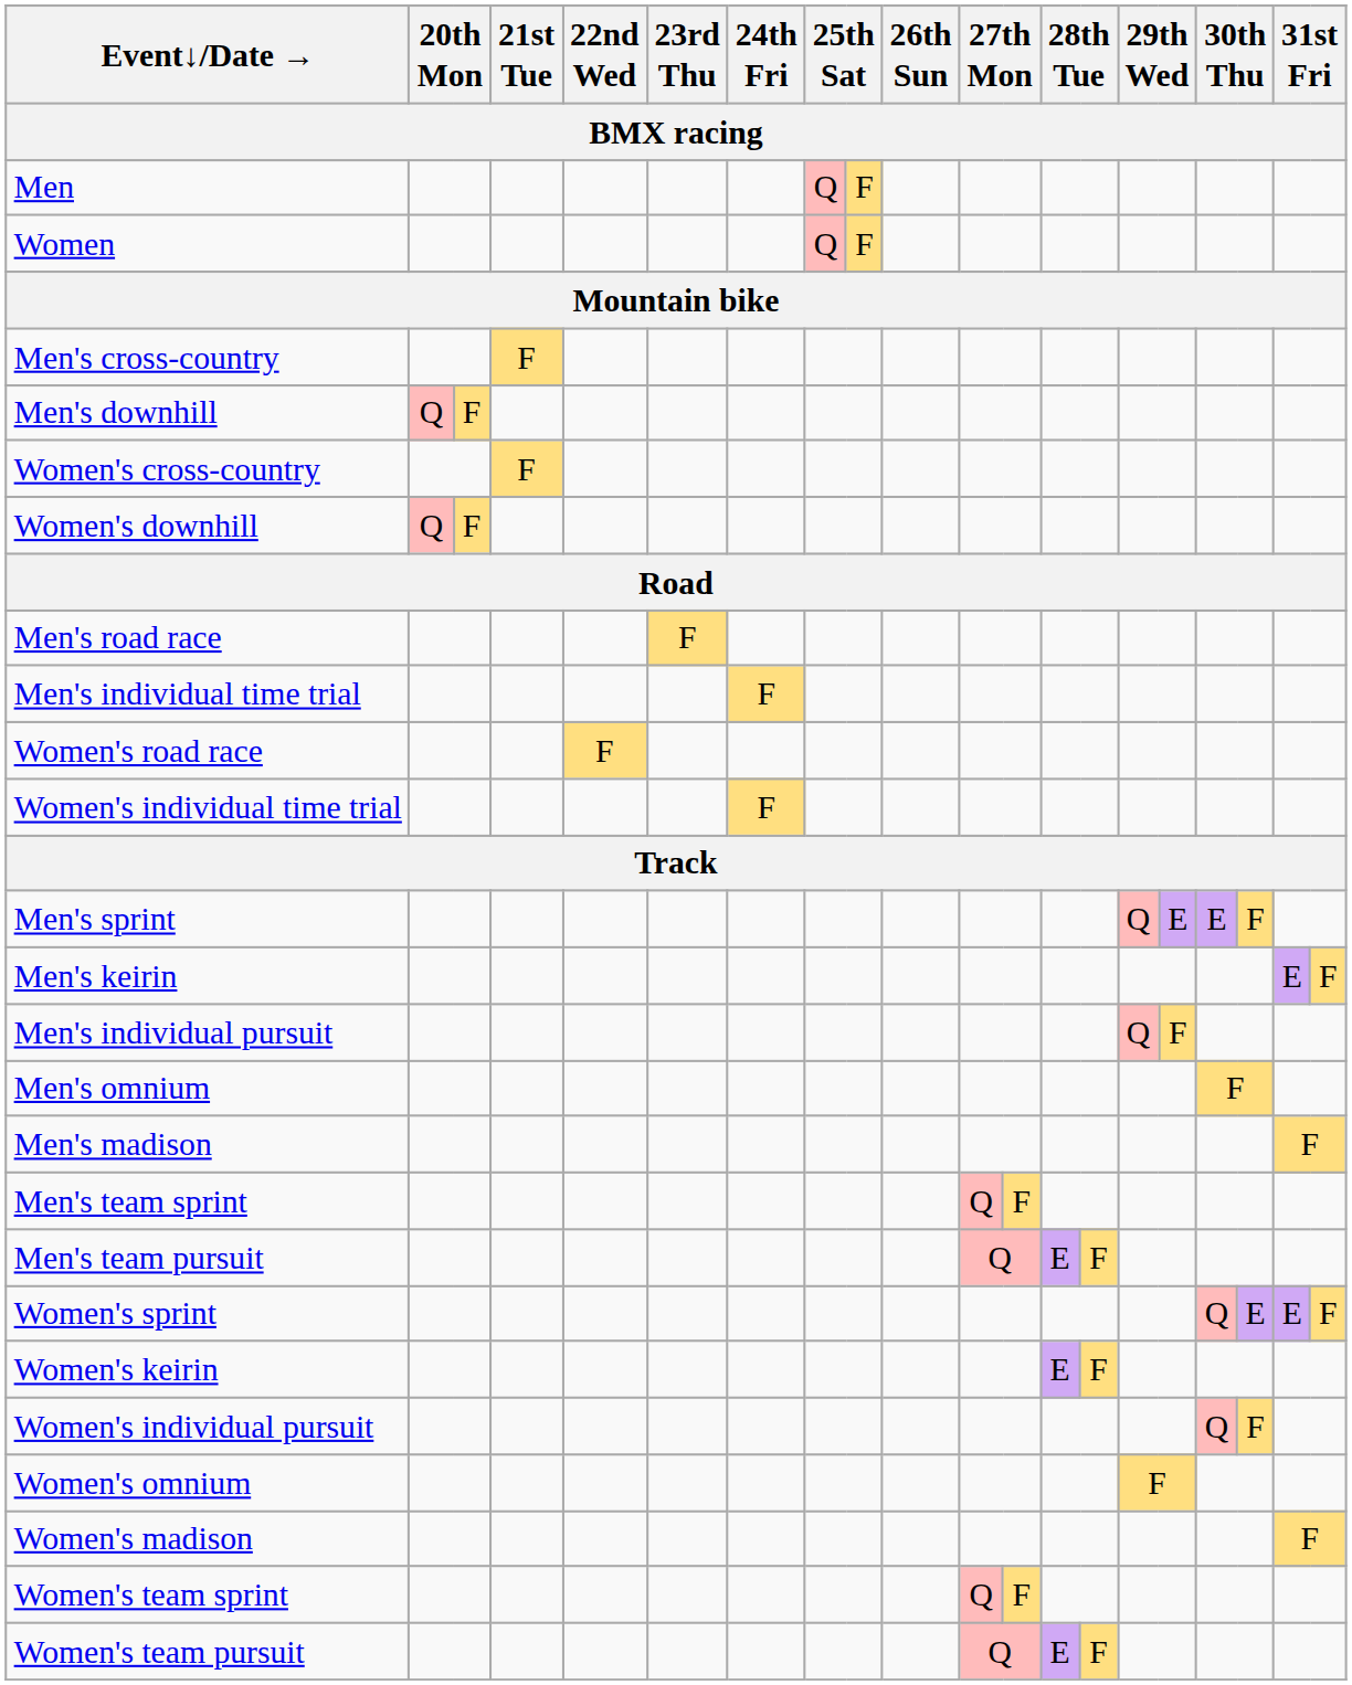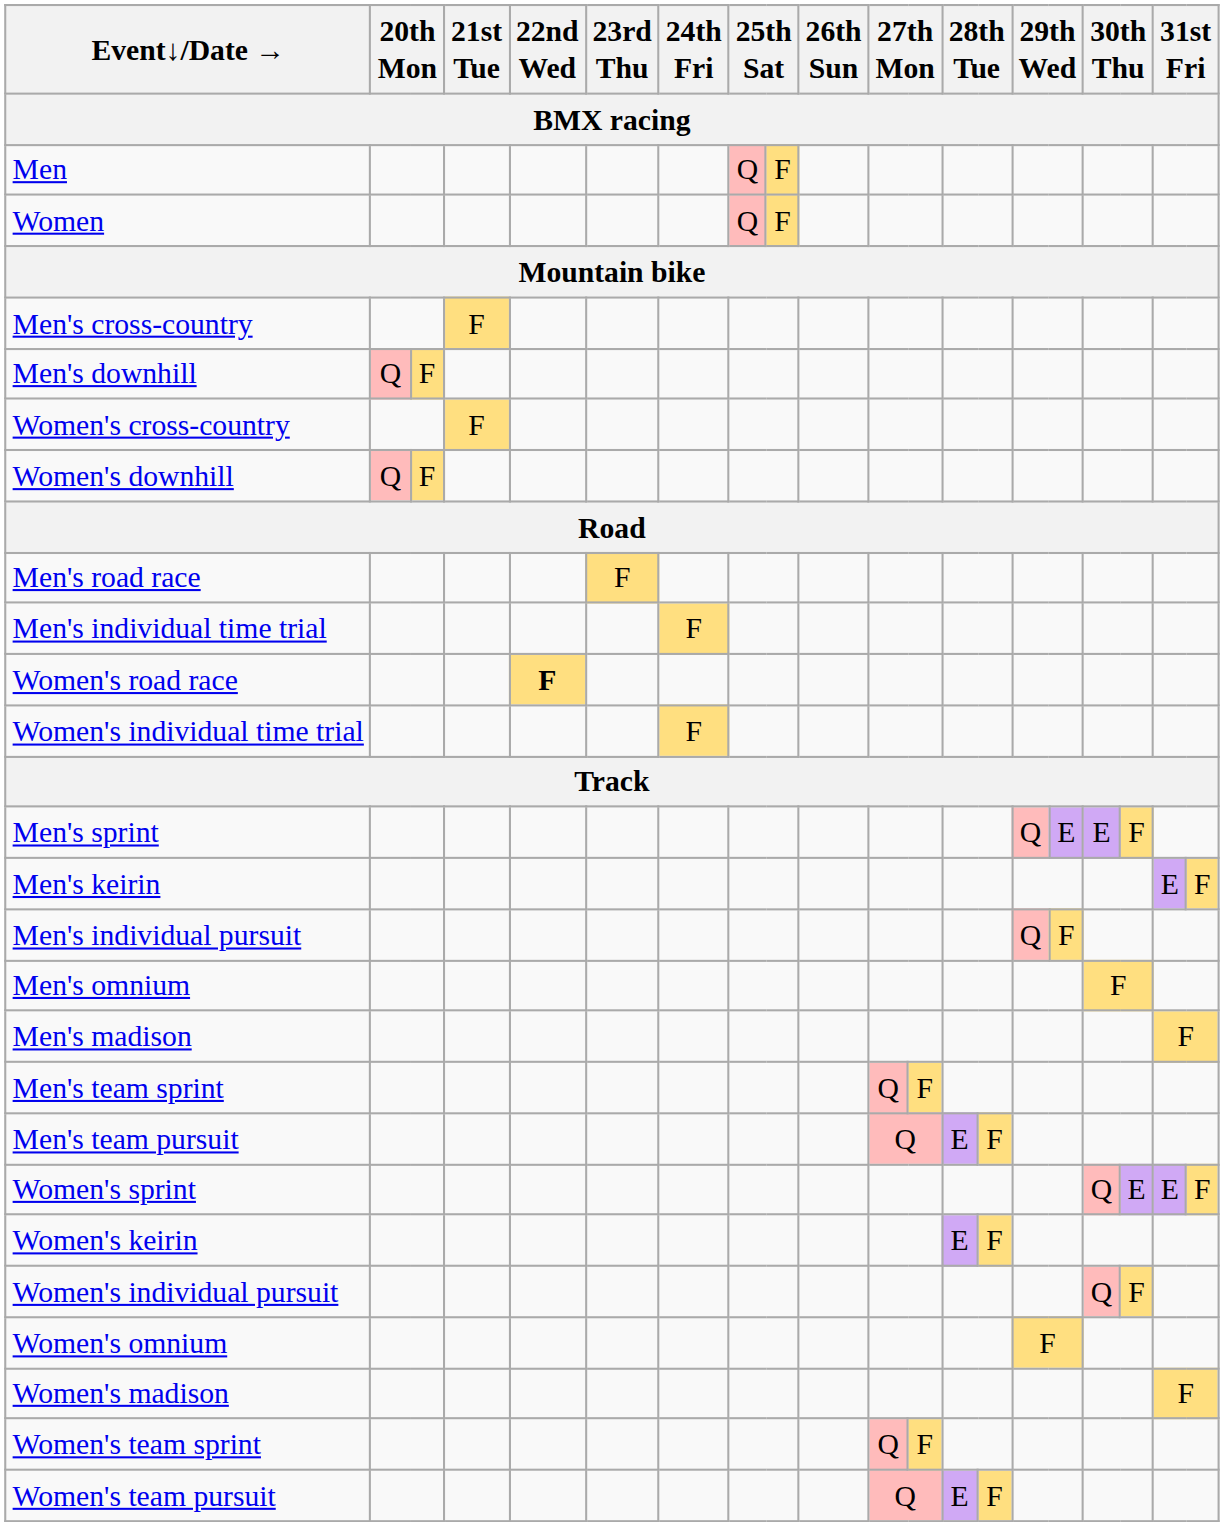 <table class="wikitable" style="margin:0.5em auto; font-size:90%; line-height:1.25em; text-align:center;">
 <tr>
 <th>Event↓/Date →</th>
 <th colspan=2>20th<br>Mon</th>
 <th>21st<br>Tue</th>
 <th>22nd<br>Wed</th>
 <th>23rd<br>Thu</th>
 <th>24th<br>Fri</th>
 <th colspan=2>25th<br>Sat</th>
 <th>26th<br>Sun</th>
 <th colspan=2>27th<br>Mon</th>
 <th colspan=2>28th<br>Tue</th>
 <th colspan=2>29th<br>Wed</th>
 <th colspan=2>30th<br>Thu</th>
 <th colspan=2>31st<br>Fri</th>
 </tr>
 <tr>
 <th colspan=20>BMX racing</th>
 </tr>
 <tr>
 <td align="left"><a href='#'>Men</a></td>
 <td colspan=2></td>
 <td></td>
 <td></td>
 <td></td>
 <td></td>
 <td bgcolor="#FFBBBB">Q</td>
 <td bgcolor="#FFDF80">F</td>
 <td></td>
 <td colspan=2></td>
 <td colspan=2></td>
 <td colspan=2></td>
 <td colspan=2></td>
 <td colspan=2></td>
 </tr>
 <tr>
 <td align="left"><a href='#'>Women</a></td>
 <td colspan=2></td>
 <td></td>
 <td></td>
 <td></td>
 <td></td>
 <td bgcolor="#FFBBBB">Q</td>
 <td bgcolor="#FFDF80">F</td>
 <td></td>
 <td colspan=2></td>
 <td colspan=2></td>
 <td colspan=2></td>
 <td colspan=2></td>
 <td colspan=2></td>
 </tr>
 <tr>
 <th colspan=20>Mountain bike</th>
 </tr>
 <tr>
 <td align="left"><a href='#'>Men's cross-country</a></td>
 <td colspan=2></td>
 <td bgcolor="#FFDF80">F</td>
 <td></td>
 <td></td>
 <td></td>
 <td colspan=2></td>
 <td></td>
 <td colspan=2></td>
 <td colspan=2></td>
 <td colspan=2></td>
 <td colspan=2></td>
 <td colspan=2></td>
 </tr>
 <tr>
 <td align="left"><a href='#'>Men's downhill</a></td>
 <td bgcolor="#FFBBBB">Q</td>
 <td bgcolor="#FFDF80">F</td>
 <td></td>
 <td></td>
 <td></td>
 <td></td>
 <td colspan=2></td>
 <td></td>
 <td colspan=2></td>
 <td colspan=2></td>
 <td colspan=2></td>
 <td colspan=2></td>
 <td colspan=2></td>
 </tr>
 <tr>
 <td align="left"><a href='#'>Women's cross-country</a></td>
 <td colspan=2></td>
 <td bgcolor="#FFDF80">F</td>
 <td></td>
 <td></td>
 <td></td>
 <td colspan=2></td>
 <td></td>
 <td colspan=2></td>
 <td colspan=2></td>
 <td colspan=2></td>
 <td colspan=2></td>
 <td colspan=2></td>
 </tr>
 <tr>
 <td align="left"><a href='#'>Women's downhill</a></td>
 <td bgcolor="#FFBBBB">Q</td>
 <td bgcolor="#FFDF80">F</td>
 <td></td>
 <td></td>
 <td></td>
 <td></td>
 <td colspan=2></td>
 <td></td>
 <td colspan=2></td>
 <td colspan=2></td>
 <td colspan=2></td>
 <td colspan=2></td>
 <td colspan=2></td>
 </tr>
 <tr>
 <th colspan=20>Road</th>
 </tr>
 <tr>
 <td align="left"><a href='#'>Men's road race</a></td>
 <td colspan=2></td>
 <td></td>
 <td></td>
 <td bgcolor="#FFDF80">F</td>
 <td></td>
 <td colspan=2></td>
 <td></td>
 <td colspan=2></td>
 <td colspan=2></td>
 <td colspan=2></td>
 <td colspan=2></td>
 <td colspan=2></td>
 </tr>
 <tr>
 <td align="left"><a href='#'>Men's individual time trial</a></td>
 <td colspan=2></td>
 <td></td>
 <td></td>
 <td></td>
 <td bgcolor="#FFDF80">F</td>
 <td colspan=2></td>
 <td></td>
 <td colspan=2></td>
 <td colspan=2></td>
 <td colspan=2></td>
 <td colspan=2></td>
 <td colspan=2></td>
 </tr>
 <tr>
 <td align="left"><a href='#'>Women's road race</a></td>
 <td colspan=2></td>
 <td></td>
-<td bgcolor="#FFDF80">F</td>
+<td bgcolor="#FFDF80"><strong>F</strong></td>
 <td></td>
 <td></td>
 <td colspan=2></td>
 <td></td>
 <td colspan=2></td>
 <td colspan=2></td>
 <td colspan=2></td>
 <td colspan=2></td>
 <td colspan=2></td>
 </tr>
 <tr>
 <td align="left"><a href='#'>Women's individual time trial</a></td>
 <td colspan=2></td>
 <td></td>
 <td></td>
 <td></td>
 <td bgcolor="#FFDF80">F</td>
 <td colspan=2></td>
 <td></td>
 <td colspan=2></td>
 <td colspan=2></td>
 <td colspan=2></td>
 <td colspan=2></td>
 <td colspan=2></td>
 </tr>
 <tr>
 <th colspan=20>Track</th>
 </tr>
 <tr>
 <td align="left"><a href='#'>Men's sprint</a></td>
 <td colspan=2></td>
 <td></td>
 <td></td>
 <td></td>
 <td></td>
 <td colspan=2></td>
 <td></td>
 <td colspan=2></td>
 <td colspan=2></td>
 <td bgcolor="#FFBBBB">Q</td>
 <td bgcolor="#D0A9F5">E</td>
 <td bgcolor="#D0A9F5">E</td>
 <td bgcolor="#FFDF80">F</td>
 <td colspan=2></td>
 </tr>
 <tr>
 <td align="left"><a href='#'>Men's keirin</a></td>
 <td colspan=2></td>
 <td></td>
 <td></td>
 <td></td>
 <td></td>
 <td colspan=2></td>
 <td></td>
 <td colspan=2></td>
 <td colspan=2></td>
 <td colspan=2></td>
 <td colspan=2></td>
 <td bgcolor="#D0A9F5">E</td>
 <td bgcolor="#FFDF80">F</td>
 </tr>
 <tr>
 <td align="left"><a href='#'>Men's individual pursuit</a></td>
 <td colspan=2></td>
 <td></td>
 <td></td>
 <td></td>
 <td></td>
 <td colspan=2></td>
 <td></td>
 <td colspan=2></td>
 <td colspan=2></td>
 <td bgcolor="#FFBBBB">Q</td>
 <td bgcolor="#FFDF80">F</td>
 <td colspan=2></td>
 <td colspan=2></td>
 </tr>
 <tr>
 <td align="left"><a href='#'>Men's omnium</a></td>
 <td colspan=2></td>
 <td></td>
 <td></td>
 <td></td>
 <td></td>
 <td colspan=2></td>
 <td></td>
 <td colspan=2></td>
 <td colspan=2></td>
 <td colspan=2></td>
 <td colspan=2 bgcolor="#FFDF80">F</td>
 <td colspan=2></td>
 </tr>
 <tr>
 <td align="left"><a href='#'>Men's madison</a></td>
 <td colspan=2></td>
 <td></td>
 <td></td>
 <td></td>
 <td></td>
 <td colspan=2></td>
 <td></td>
 <td colspan=2></td>
 <td colspan=2></td>
 <td colspan=2></td>
 <td colspan=2></td>
 <td colspan=2 bgcolor="#FFDF80">F</td>
 </tr>
 <tr>
 <td align="left"><a href='#'>Men's team sprint</a></td>
 <td colspan=2></td>
 <td></td>
 <td></td>
 <td></td>
 <td></td>
 <td colspan=2></td>
 <td></td>
 <td bgcolor="#FFBBBB">Q</td>
 <td bgcolor="#FFDF80">F</td>
 <td colspan=2></td>
 <td colspan=2></td>
 <td colspan=2></td>
 <td colspan=2></td>
 </tr>
 <tr>
 <td align="left"><a href='#'>Men's team pursuit</a></td>
 <td colspan=2></td>
 <td></td>
 <td></td>
 <td></td>
 <td></td>
 <td colspan=2></td>
 <td></td>
 <td colspan=2 bgcolor="#FFBBBB">Q</td>
 <td bgcolor="#D0A9F5">E</td>
 <td bgcolor="#FFDF80">F</td>
 <td colspan=2></td>
 <td colspan=2></td>
 <td colspan=2></td>
 </tr>
 <tr>
 <td align="left"><a href='#'>Women's sprint</a></td>
 <td colspan=2></td>
 <td></td>
 <td></td>
 <td></td>
 <td></td>
 <td colspan=2></td>
 <td></td>
 <td colspan=2></td>
 <td colspan=2></td>
 <td colspan=2></td>
 <td bgcolor="#FFBBBB">Q</td>
 <td bgcolor="#D0A9F5">E</td>
 <td bgcolor="#D0A9F5">E</td>
 <td bgcolor="#FFDF80">F</td>
 </tr>
 <tr>
 <td align="left"><a href='#'>Women's keirin</a></td>
 <td colspan=2></td>
 <td></td>
 <td></td>
 <td></td>
 <td></td>
 <td colspan=2></td>
 <td></td>
 <td colspan=2></td>
 <td bgcolor="#D0A9F5">E</td>
 <td bgcolor="#FFDF80">F</td>
 <td colspan=2></td>
 <td colspan=2></td>
 <td colspan=2></td>
 </tr>
 <tr>
 <td align="left"><a href='#'>Women's individual pursuit</a></td>
 <td colspan=2></td>
 <td></td>
 <td></td>
 <td></td>
 <td></td>
 <td colspan=2></td>
 <td></td>
 <td colspan=2></td>
 <td colspan=2></td>
 <td colspan=2></td>
 <td bgcolor="#FFBBBB">Q</td>
 <td bgcolor="#FFDF80">F</td>
 <td colspan=2></td>
 </tr>
 <tr>
 <td align="left"><a href='#'>Women's omnium</a></td>
 <td colspan=2></td>
 <td></td>
 <td></td>
 <td></td>
 <td></td>
 <td colspan=2></td>
 <td></td>
 <td colspan=2></td>
 <td colspan=2></td>
 <td colspan=2 bgcolor="#FFDF80">F</td>
 <td colspan=2></td>
 <td colspan=2></td>
 </tr>
 <tr>
 <td align="left"><a href='#'>Women's madison</a></td>
 <td colspan=2></td>
 <td></td>
 <td></td>
 <td></td>
 <td></td>
 <td colspan=2></td>
 <td></td>
 <td colspan=2></td>
 <td colspan=2></td>
 <td colspan=2></td>
 <td colspan=2></td>
 <td colspan=2 bgcolor="#FFDF80">F</td>
 </tr>
 <tr>
 <td align="left"><a href='#'>Women's team sprint</a></td>
 <td colspan=2></td>
 <td></td>
 <td></td>
 <td></td>
 <td></td>
 <td colspan=2></td>
 <td></td>
 <td bgcolor="#FFBBBB">Q</td>
 <td bgcolor="#FFDF80">F</td>
 <td colspan=2></td>
 <td colspan=2></td>
 <td colspan=2></td>
 <td colspan=2></td>
 </tr>
 <tr>
 <td align="left"><a href='#'>Women's team pursuit</a></td>
 <td colspan=2></td>
 <td></td>
 <td></td>
 <td></td>
 <td></td>
 <td colspan=2></td>
 <td></td>
 <td colspan=2 bgcolor="#FFBBBB">Q</td>
 <td bgcolor="#D0A9F5">E</td>
 <td bgcolor="#FFDF80">F</td>
 <td colspan=2></td>
 <td colspan=2></td>
 <td colspan=2></td>
 </tr>
 </table>
